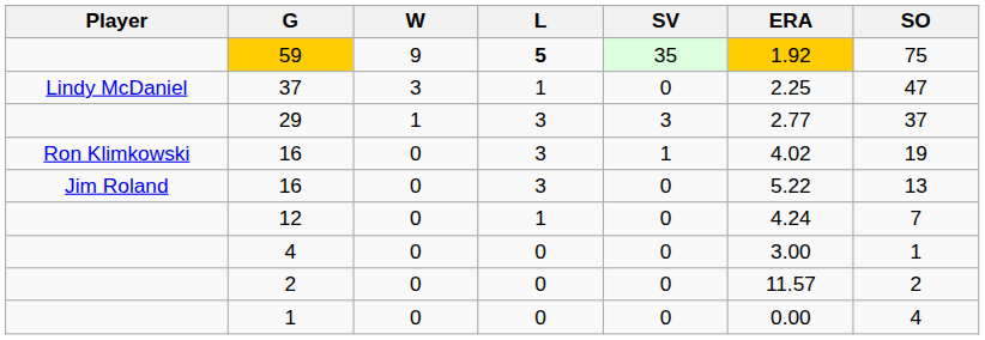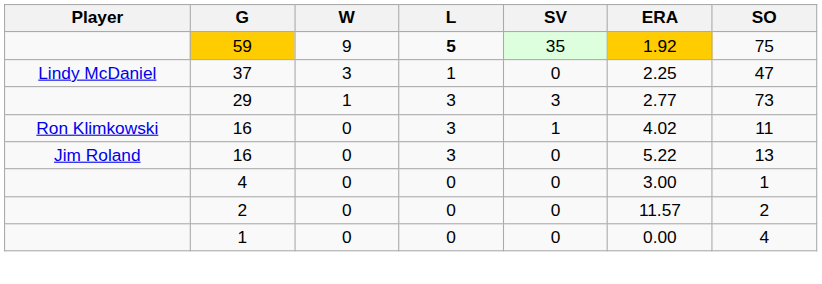 <table class="wikitable sortable">
 <tr>
 <th bgcolor="#DDDDFF" width="16%">Player</th>
 <th bgcolor="#DDDDFF" width="9%">G</th>
 <th bgcolor="#DDDDFF" width="9%">W</th>
 <th bgcolor="#DDDDFF" width="9%">L</th>
 <th bgcolor="#DDDDFF" width="9%">SV</th>
 <th bgcolor="#DDDDFF" width="9%">ERA</th>
 <th bgcolor="#DDDDFF" width="9%">SO</th>
 </tr>
 <tr align="center">
 <td></td>
 <td style="background:#fc0;">59</td>
 <td>9</td>
 <td><strong>5</strong></td>
 <td style="background:#DDFFDD;">35</td>
 <td style="background:#fc0;">1.92</td>
 <td>75</td>
 </tr>
 <tr align="center">
 <td><a href='#'>Lindy McDaniel</a></td>
 <td>37</td>
 <td>3</td>
 <td>1</td>
 <td>0</td>
 <td>2.25</td>
 <td>47</td>
 </tr>
 <tr align=center>
 <td></td>
 <td>29</td>
 <td>1</td>
 <td>3</td>
 <td>3</td>
 <td>2.77</td>
-<td>37</td>
+<td>73</td>
 </tr>
 <tr align="center">
 <td><a href='#'>Ron Klimkowski</a></td>
 <td>16</td>
 <td>0</td>
 <td>3</td>
 <td>1</td>
 <td>4.02</td>
-<td>19</td>
+<td>11</td>
 </tr>
 <tr align=center>
 <td><a href='#'>Jim Roland</a></td>
 <td>16</td>
 <td>0</td>
 <td>3</td>
 <td>0</td>
 <td>5.22</td>
 <td>13</td>
-</tr>
-<tr align=center>
-<td></td>
-<td>12</td>
-<td>0</td>
-<td>1</td>
-<td>0</td>
-<td>4.24</td>
-<td>7</td>
 </tr>
 <tr align="center">
 <td></td>
 <td>4</td>
 <td>0</td>
 <td>0</td>
 <td>0</td>
 <td>3.00</td>
 <td>1</td>
 </tr>
 <tr align="center">
 <td></td>
 <td>2</td>
 <td>0</td>
 <td>0</td>
 <td>0</td>
 <td>11.57</td>
 <td>2</td>
 </tr>
 <tr align="center">
 <td></td>
 <td>1</td>
 <td>0</td>
 <td>0</td>
 <td>0</td>
 <td>0.00</td>
 <td>4</td>
 </tr>
 </table>
